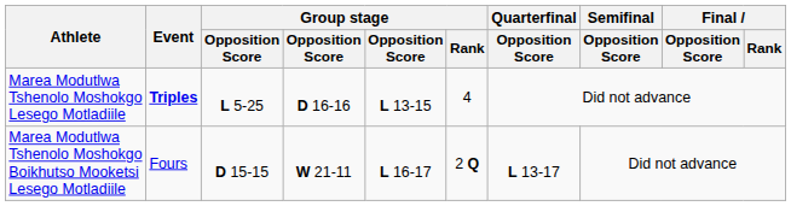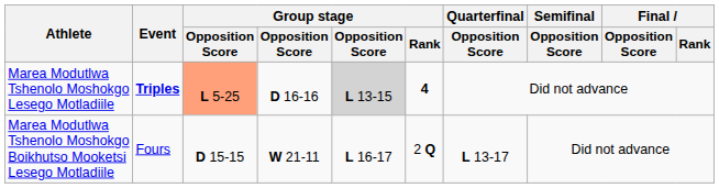 <table class="wikitable" style="font-size:88%; text-align:center">
 <tr>
 <th rowspan=2>Athlete</th>
 <th rowspan=2>Event</th>
 <th colspan="4">Group stage</th>
 <th>Quarterfinal</th>
 <th>Semifinal</th>
 <th colspan=2>Final / </th>
 </tr>
 <tr style="font-size:95%">
 <th>Opposition<br>Score</th>
 <th>Opposition<br>Score</th>
 <th>Opposition<br>Score</th>
 <th>Rank</th>
 <th>Opposition<br>Score</th>
 <th>Opposition<br>Score</th>
 <th>Opposition<br>Score</th>
 <th>Rank</th>
 </tr>
 <tr>
 <td align=left><a href='#'>Marea Modutlwa</a><br><a href='#'>Tshenolo Moshokgo</a><br><a href='#'>Lesego Motladiile</a></td>
 <td align=left><strong><a href='#'>Triples</a></strong></td>
-<td><br><strong>L</strong> 5-25</td>
+<td style="background: lightsalmon;"><br><strong>L</strong> 5-25</td>
 <td><br><strong>D</strong> 16-16</td>
-<td><br><strong>L</strong> 13-15</td>
-<td>4</td>
+<td style="background: lightgrey;"><br><strong>L</strong> 13-15</td>
+<td><strong>4</strong></td>
 <td colspan=4>Did not advance</td>
 </tr>
 <tr>
 <td align=left><a href='#'>Marea Modutlwa</a><br><a href='#'>Tshenolo Moshokgo</a><br><a href='#'>Boikhutso Mooketsi</a><br><a href='#'>Lesego Motladiile</a></td>
 <td align=left><a href='#'>Fours</a></td>
 <td><br><strong>D</strong> 15-15</td>
 <td><br><strong>W</strong> 21-11</td>
 <td><br><strong>L</strong> 16-17</td>
 <td>2 <strong>Q</strong></td>
 <td><br><strong>L</strong> 13-17</td>
 <td colspan="3">Did not advance</td>
 </tr>
 </table>
